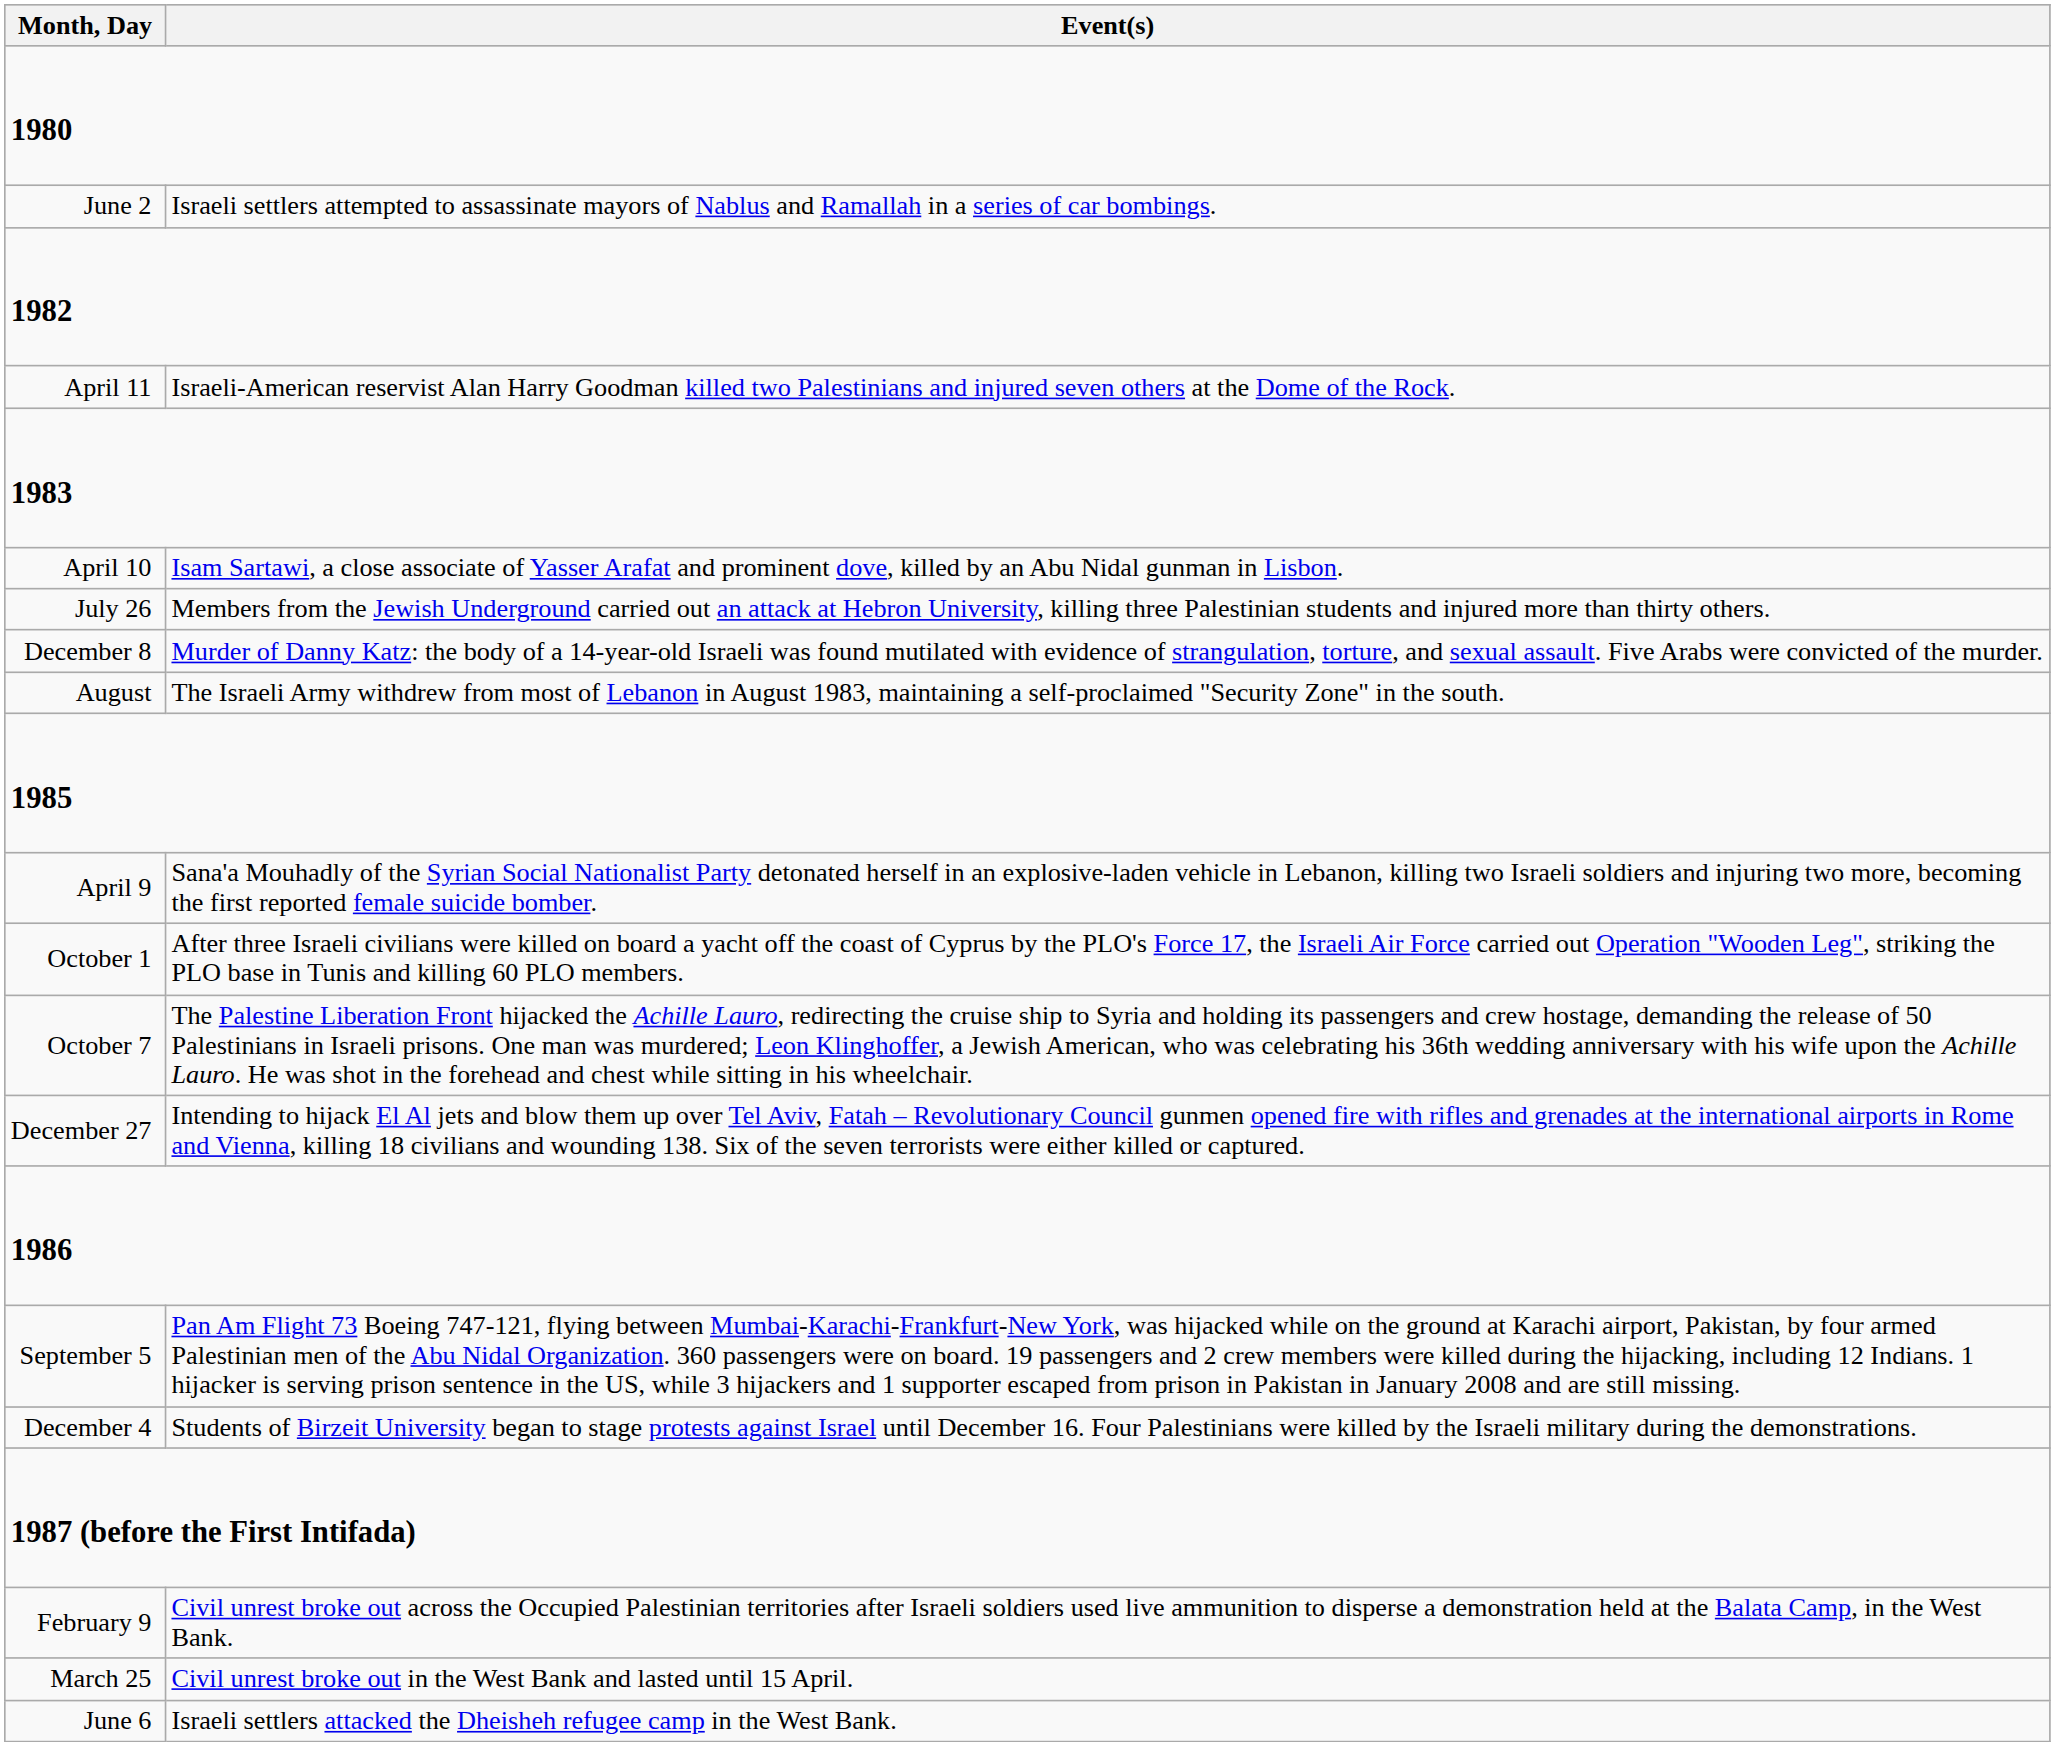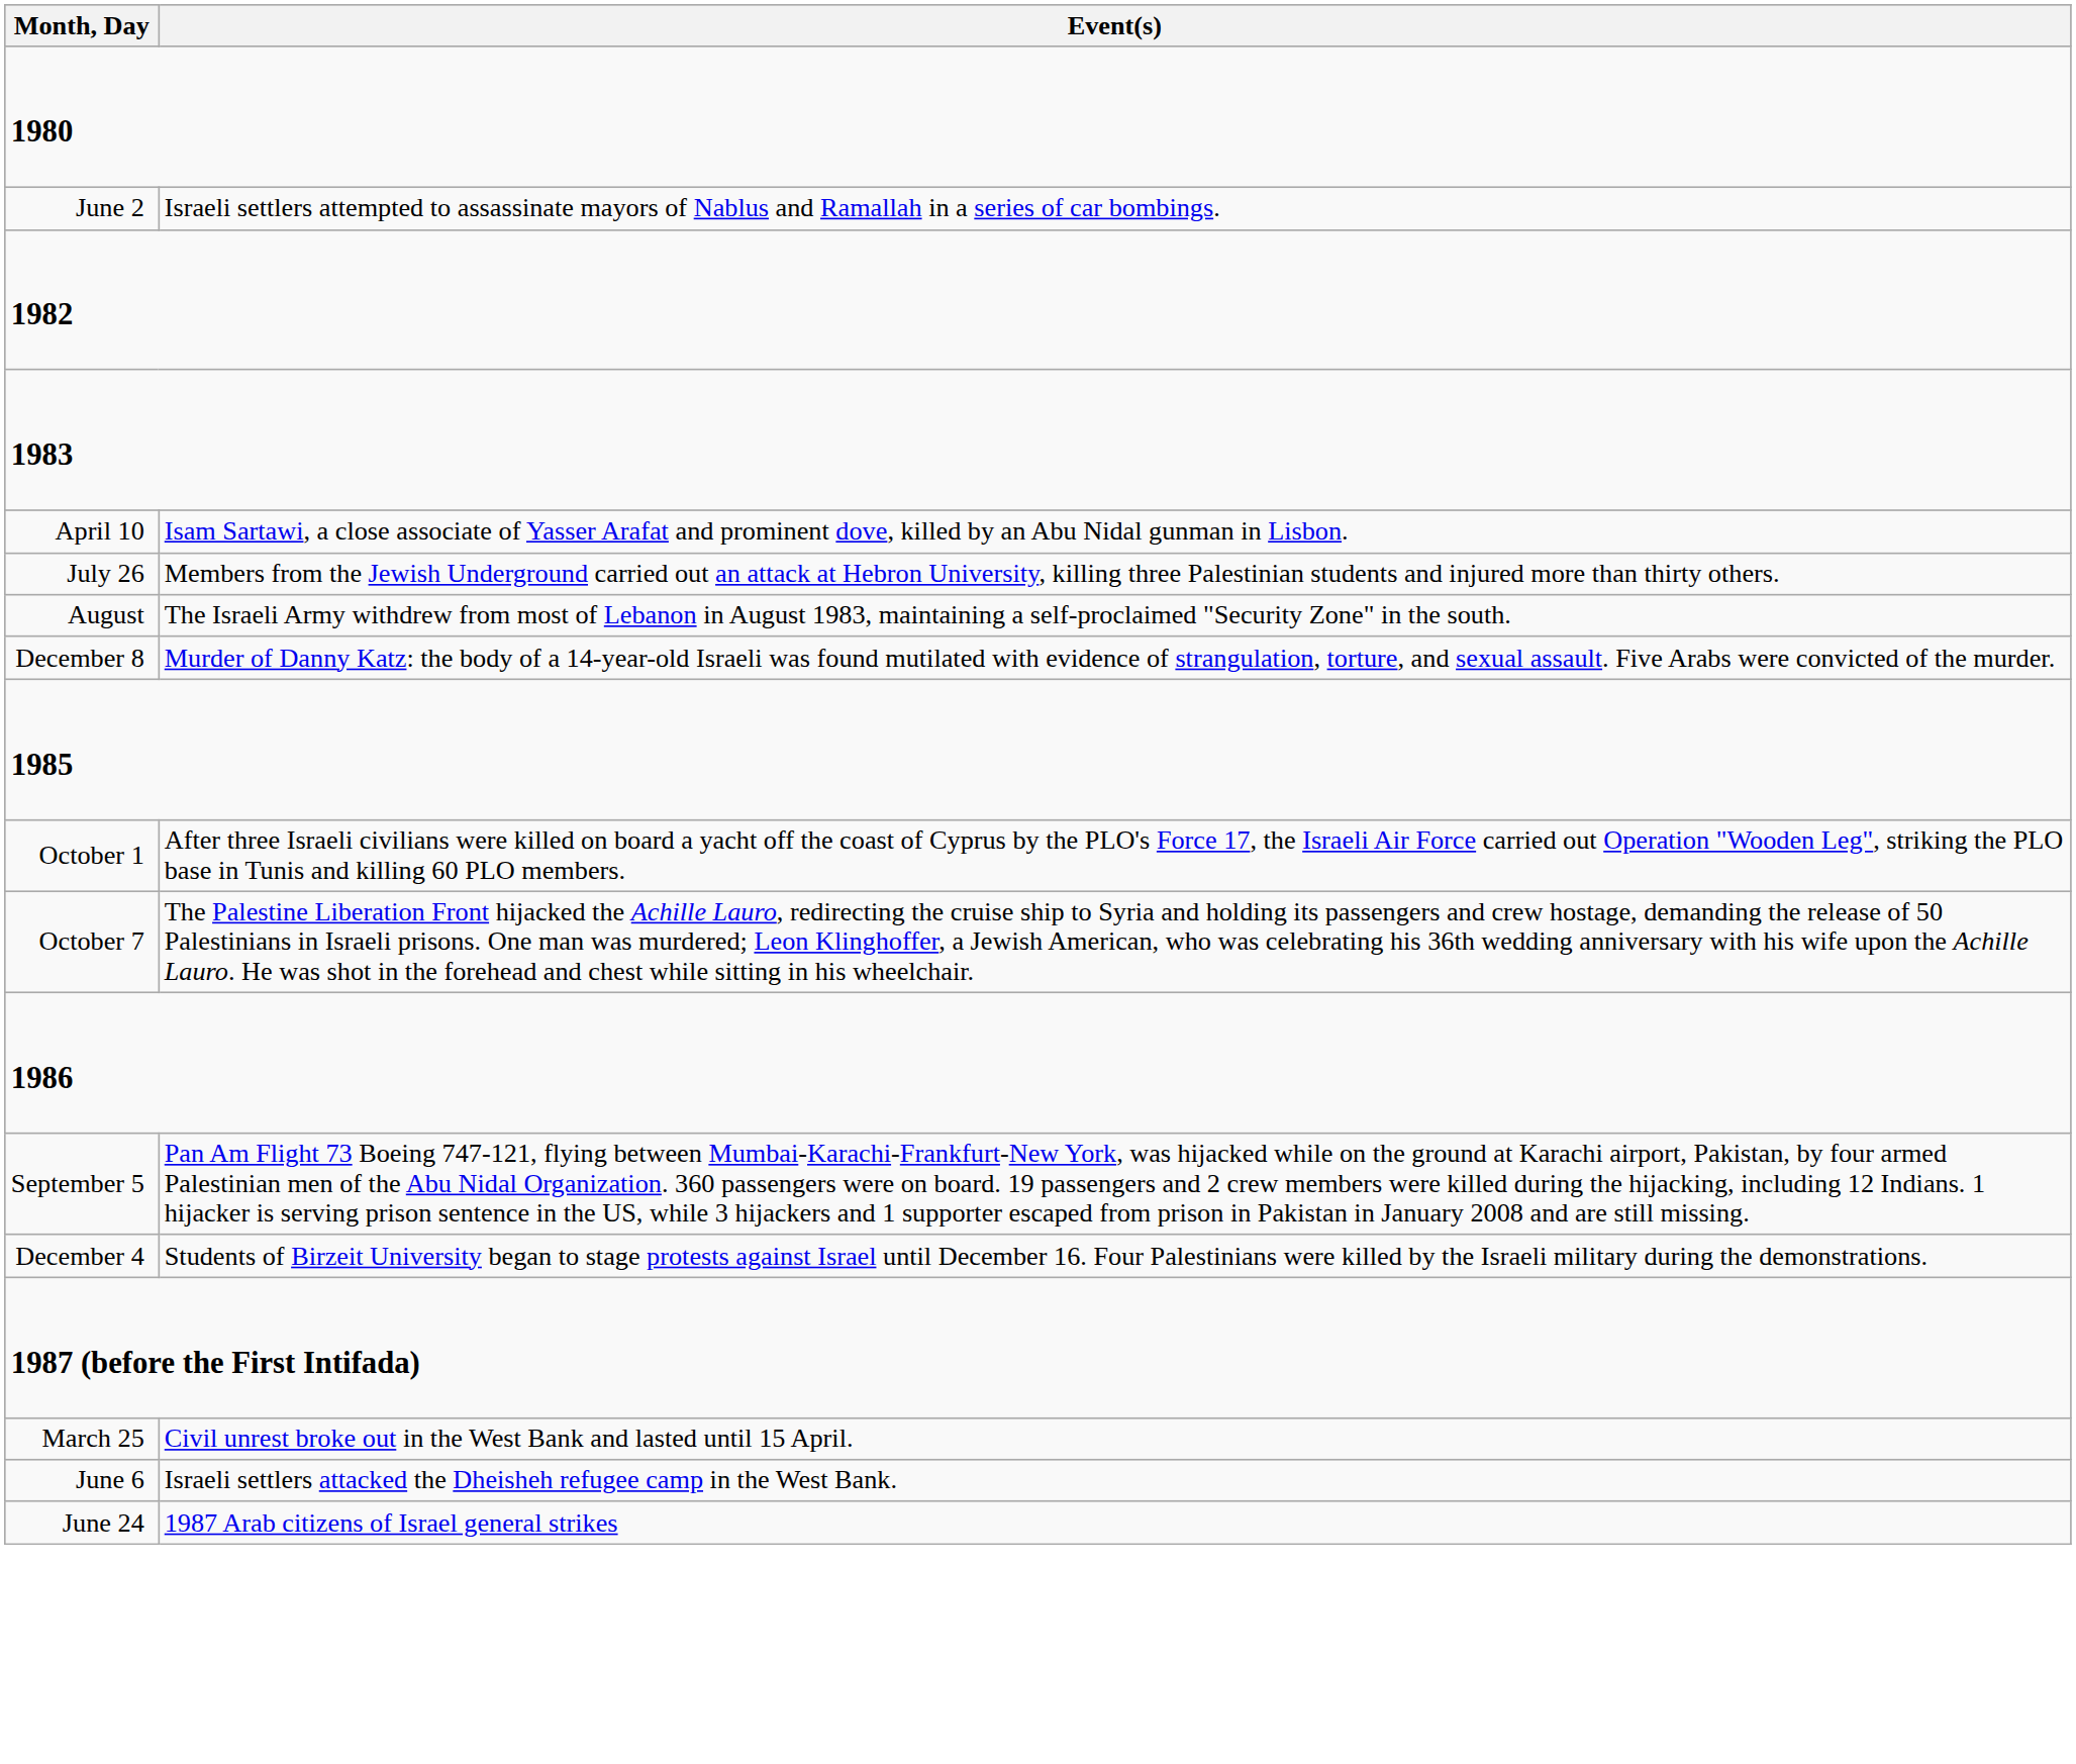 <table class="wikitable">
 <tr>
 <th>Month, Day</th>
 <th>Event(s)</th>
 </tr>
 <tr>
 <td colspan="2"><br><h3>1980</h3></td>
 </tr>
 <tr>
 <td style="white-space:nowrap;text-align:right;padding-right:0.5em;">June 2</td>
 <td>Israeli settlers attempted to assassinate mayors of <a href='#'>Nablus</a> and <a href='#'>Ramallah</a> in a <a href='#'>series of car bombings</a>.</td>
 </tr>
 <tr>
 <td colspan="2"><br><h3>1982</h3></td>
 </tr>
 <tr>
-<td style="white-space:nowrap;text-align:right;padding-right:0.5em;">April 11</td>
-<td>Israeli-American reservist Alan Harry Goodman <a href='#'>killed two Palestinians and injured seven others</a> at the <a href='#'>Dome of the Rock</a>.</td>
-</tr>
-<tr>
 <td colspan="2"><br><h3>1983</h3></td>
 </tr>
 <tr>
 <td style="white-space:nowrap;text-align:right;padding-right:0.5em;">April 10</td>
 <td><a href='#'>Isam Sartawi</a>, a close associate of <a href='#'>Yasser Arafat</a> and prominent <a href='#'>dove</a>, killed by an Abu Nidal gunman in <a href='#'>Lisbon</a>.</td>
 </tr>
 <tr>
 <td style="white-space:nowrap;text-align:right;padding-right:0.5em;">July 26</td>
 <td>Members from the <a href='#'>Jewish Underground</a> carried out <a href='#'>an attack at Hebron University</a>, killing three Palestinian students and injured more than thirty others.</td>
 </tr>
 <tr>
+<td style="white-space:nowrap;text-align:right;padding-right:0.5em;">August</td>
+<td>The Israeli Army withdrew from most of <a href='#'>Lebanon</a> in August 1983, maintaining a self-proclaimed "Security Zone" in the south.</td>
+</tr>
+<tr>
 <td style="white-space:nowrap;text-align:right;padding-right:0.5em;">December 8</td>
 <td><a href='#'>Murder of Danny Katz</a>: the body of a 14-year-old Israeli was found mutilated with evidence of <a href='#'>strangulation</a>, <a href='#'>torture</a>, and <a href='#'>sexual assault</a>. Five Arabs were convicted of the murder.</td>
 </tr>
 <tr>
-<td style="white-space:nowrap;text-align:right;padding-right:0.5em;">August</td>
-<td>The Israeli Army withdrew from most of <a href='#'>Lebanon</a> in August 1983, maintaining a self-proclaimed "Security Zone" in the south.</td>
-</tr>
-<tr>
 <td colspan="2"><br><h3>1985</h3></td>
-</tr>
-<tr>
-<td style="white-space:nowrap;text-align:right;padding-right:0.5em;">April 9</td>
-<td>Sana'a Mouhadly of the <a href='#'>Syrian Social Nationalist Party</a> detonated herself in an explosive-laden vehicle in Lebanon, killing two Israeli soldiers and injuring two more, becoming the first reported <a href='#'>female suicide bomber</a>.</td>
 </tr>
 <tr>
 <td style="white-space:nowrap;text-align:right;padding-right:0.5em;">October 1</td>
 <td>After three Israeli civilians were killed on board a yacht off the coast of Cyprus by the PLO's <a href='#'>Force 17</a>, the <a href='#'>Israeli Air Force</a> carried out <a href='#'>Operation "Wooden Leg"</a>, striking the PLO base in Tunis and killing 60 PLO members.</td>
 </tr>
 <tr>
 <td style="white-space:nowrap;text-align:right;padding-right:0.5em;">October 7</td>
 <td>The <a href='#'>Palestine Liberation Front</a> hijacked the <em><a href='#'>Achille Lauro</a></em>, redirecting the cruise ship to Syria and holding its passengers and crew hostage, demanding the release of 50 Palestinians in Israeli prisons. One man was murdered; <a href='#'>Leon Klinghoffer</a>, a Jewish American, who was celebrating his 36th wedding anniversary with his wife upon the <em>Achille Lauro</em>. He was shot in the forehead and chest while sitting in his wheelchair.</td>
-</tr>
-<tr>
-<td style="white-space:nowrap;text-align:right;padding-right:0.5em;">December 27</td>
-<td>Intending to hijack <a href='#'>El Al</a> jets and blow them up over <a href='#'>Tel Aviv</a>, <a href='#'>Fatah – Revolutionary Council</a> gunmen <a href='#'>opened fire with rifles and grenades at the international airports in Rome and Vienna</a>, killing 18 civilians and wounding 138. Six of the seven terrorists were either killed or captured.</td>
 </tr>
 <tr>
 <td colspan="2"><br><h3>1986</h3></td>
 </tr>
 <tr>
 <td style="white-space:nowrap;text-align:right;padding-right:0.5em;">September 5</td>
 <td><a href='#'>Pan Am Flight 73</a> Boeing 747-121, flying between <a href='#'>Mumbai</a>-<a href='#'>Karachi</a>-<a href='#'>Frankfurt</a>-<a href='#'>New York</a>, was hijacked while on the ground at Karachi airport, Pakistan, by four armed Palestinian men of the <a href='#'>Abu Nidal Organization</a>. 360 passengers were on board. 19 passengers and 2 crew members were killed during the hijacking, including 12 Indians. 1 hijacker is serving prison sentence in the US, while 3 hijackers and 1 supporter escaped from prison in Pakistan in January 2008 and are still missing.</td>
 </tr>
 <tr>
 <td style="white-space:nowrap;text-align:right;padding-right:0.5em;">December 4</td>
 <td>Students of <a href='#'>Birzeit University</a> began to stage <a href='#'>protests against Israel</a> until December 16. Four Palestinians were killed by the Israeli military during the demonstrations.</td>
 </tr>
 <tr>
 <td colspan="2"><br><h3>1987 (before the First Intifada)</h3></td>
 </tr>
 <tr>
-<td style="white-space:nowrap;text-align:right;padding-right:0.5em;">February 9</td>
-<td><a href='#'>Civil unrest broke out</a> across the Occupied Palestinian territories after Israeli soldiers used live ammunition to disperse a demonstration held at the <a href='#'>Balata Camp</a>, in the West Bank.</td>
-</tr>
-<tr>
 <td style="white-space:nowrap;text-align:right;padding-right:0.5em;">March 25</td>
 <td><a href='#'>Civil unrest broke out</a> in the West Bank and lasted until 15 April.</td>
 </tr>
 <tr>
 <td style="white-space:nowrap;text-align:right;padding-right:0.5em;">June 6</td>
 <td>Israeli settlers <a href='#'>attacked</a> the <a href='#'>Dheisheh refugee camp</a> in the West Bank.</td>
 </tr>
+<tr>
+<td style="white-space:nowrap;text-align:right;padding-right:0.5em;">June 24</td>
+<td><a href='#'>1987 Arab citizens of Israel general strikes</a></td>
+</tr>
 </table>
